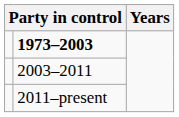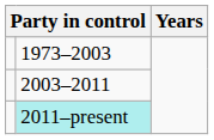 <table class="wikitable">
 <tr>
 <th colspan=2>Party in control</th>
 <th>Years</th>
 </tr>
 <tr>
 <td></td>
-<td><strong>1973–2003</strong></td>
+<td>1973–2003</td>
 </tr>
 <tr>
 <td></td>
 <td>2003–2011</td>
 </tr>
 <tr>
 <td></td>
-<td>2011–present</td>
+<td style="background: paleturquoise;">2011–present</td>
 </tr>
 </table>
